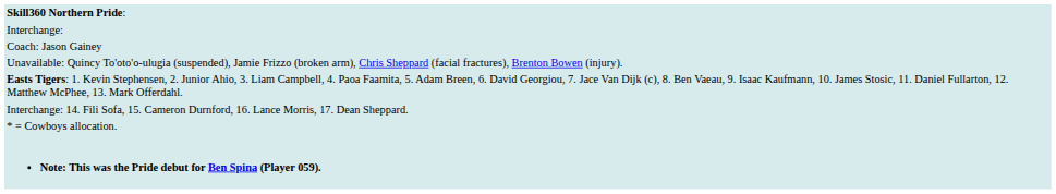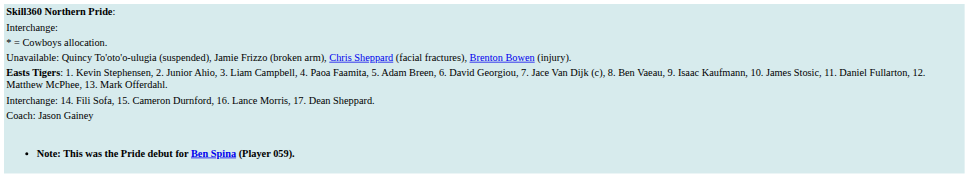 <table style="background:#d7ebed; font-size:85%; width:100%;">
 <tr>
 <td><strong>Skill360 Northern Pride</strong>:             </td>
 </tr>
 <tr>
 <td>Interchange:    </td>
 </tr>
 <tr>
-<td>Coach: Jason Gainey</td>
+<td>* = Cowboys allocation.</td>
 </tr>
 <tr>
 <td>Unavailable: Quincy To'oto'o-ulugia (suspended), Jamie Frizzo (broken arm), <a href='#'>Chris Sheppard</a> (facial fractures), <a href='#'>Brenton Bowen</a> (injury).</td>
 </tr>
 <tr>
 <td><strong>Easts Tigers</strong>: 1. Kevin Stephensen, 2. Junior Ahio, 3. Liam Campbell, 4. Paoa Faamita, 5. Adam Breen, 6. David Georgiou, 7. Jace Van Dijk (c), 8. Ben Vaeau, 9. Isaac Kaufmann, 10. James Stosic, 11. Daniel Fullarton, 12. Matthew McPhee, 13. Mark Offerdahl.</td>
 </tr>
 <tr>
 <td>Interchange: 14. Fili Sofa, 15. Cameron Durnford, 16. Lance Morris, 17. Dean Sheppard.</td>
 </tr>
 <tr>
-<td>* = Cowboys allocation.</td>
+<td>Coach: Jason Gainey</td>
 </tr>
 <tr>
 <td><strong><br><ul><li>Note: This was the Pride debut for <a href='#'>Ben Spina</a> (Player 059).</li></ul></strong></td>
 </tr>
 <tr>
 </tr>
 </table>
